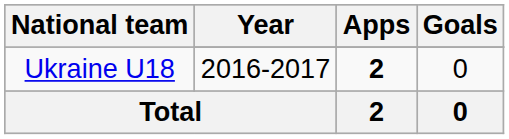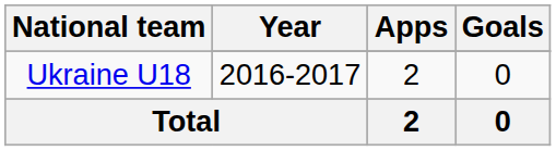 <table class=wikitable style=text-align:center>
 <tr>
 <th>National team</th>
 <th>Year</th>
 <th>Apps</th>
 <th>Goals</th>
 </tr>
 <tr>
 <td rowspan=2><a href='#'>Ukraine U18</a></td>
 </tr>
 <tr>
 <td>2016-2017</td>
-<td><strong>2</strong></td>
+<td>2</td>
 <td>0</td>
 </tr>
 <tr>
 <th colspan=2>Total</th>
 <th>2</th>
 <th>0</th>
 </tr>
 </table>
